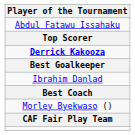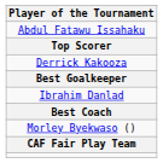 <table class="wikitable" style="margin:auto;text-align:center">
 <tr>
 <th>Player of the Tournament</th>
 </tr>
 <tr>
 <td> <a href='#'>Abdul Fatawu Issahaku</a></td>
 </tr>
 <tr>
 <th>Top Scorer</th>
 </tr>
 <tr>
-<td><strong> <a href='#'>Derrick Kakooza</a><br></strong></td>
+<td> <a href='#'>Derrick Kakooza</a><br></td>
 </tr>
 <tr>
 <th>Best Goalkeeper</th>
 </tr>
 <tr>
 <td> <a href='#'>Ibrahim Danlad</a></td>
 </tr>
 <tr>
 <th>Best Coach</th>
 </tr>
 <tr>
 <td> <a href='#'>Morley Byekwaso</a> ()</td>
 </tr>
 <tr>
 <th>CAF Fair Play Team</th>
 </tr>
 <tr>
 <td></td>
 </tr>
 </table>
